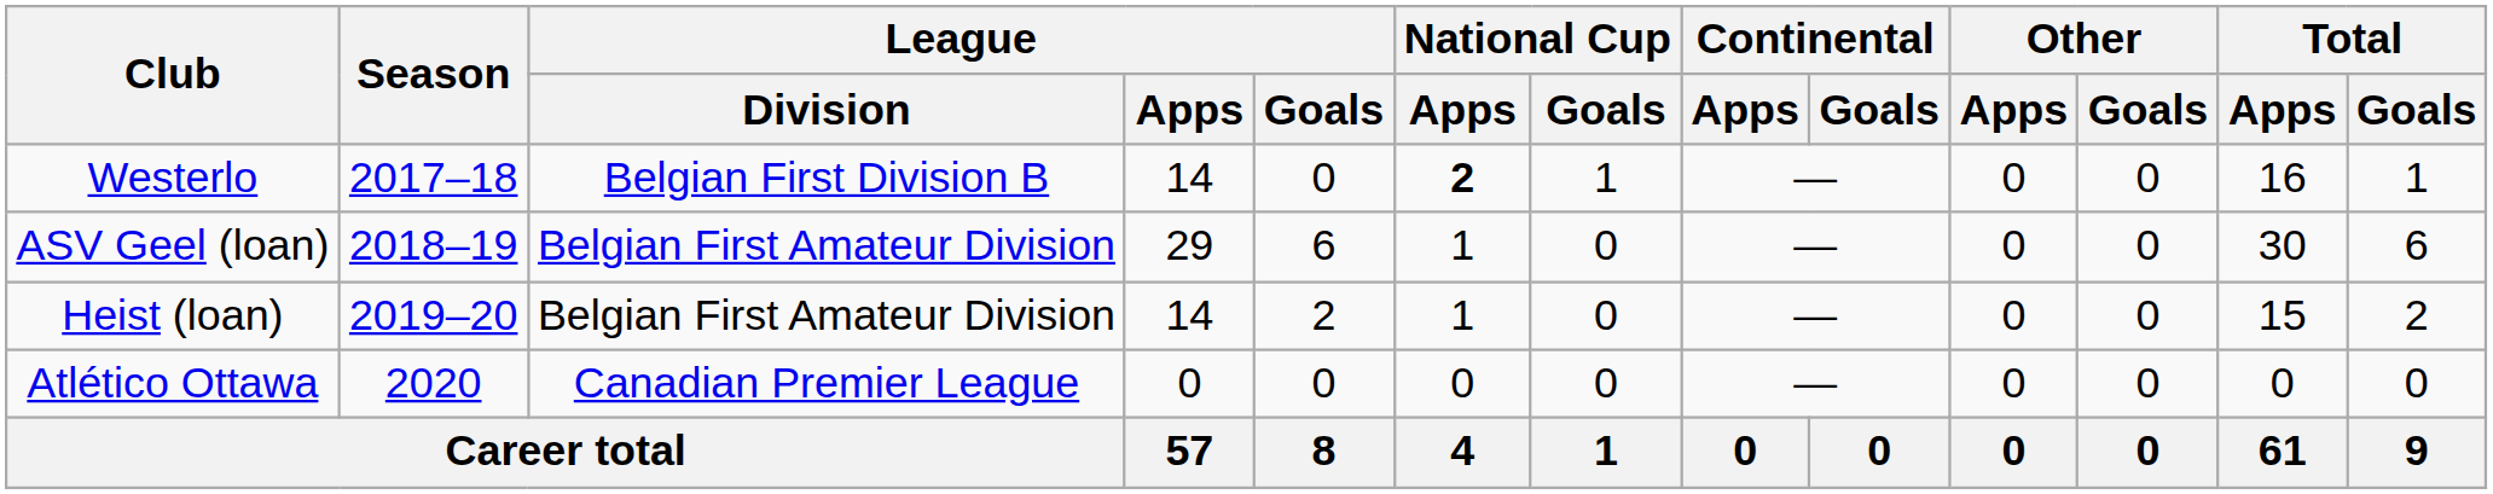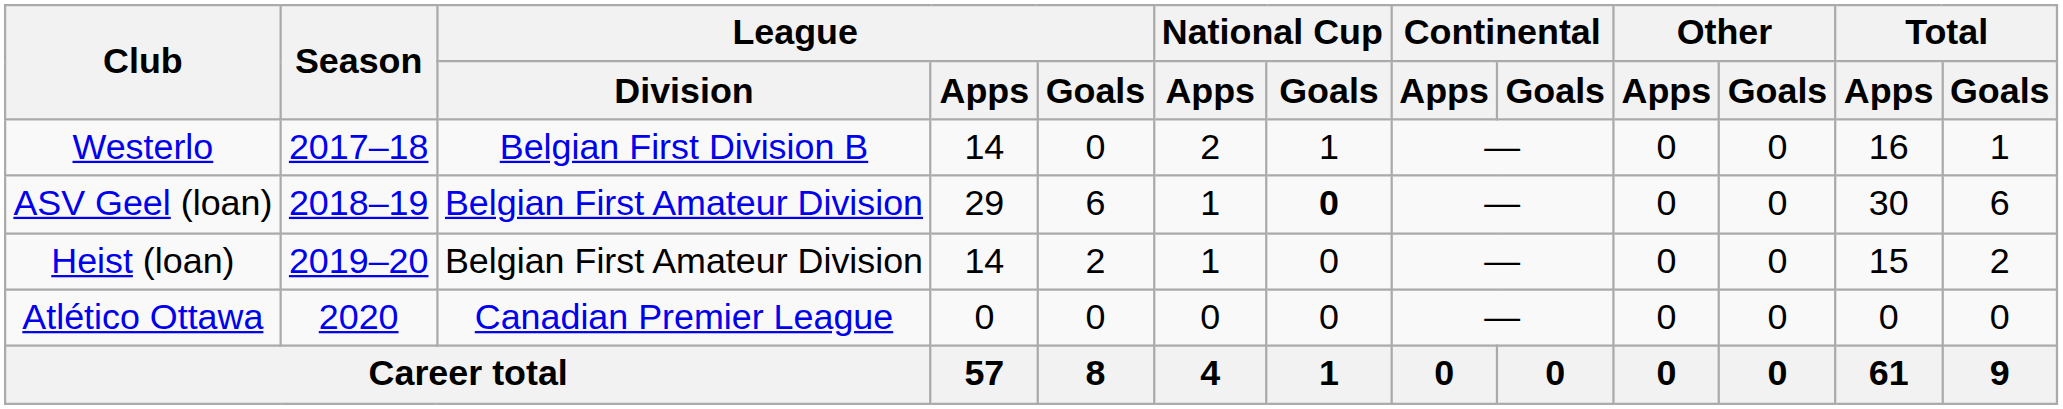 <table class="wikitable" style="text-align:center">
 <tr>
 <th rowspan="2">Club</th>
 <th rowspan="2">Season</th>
 <th colspan="3">League</th>
 <th colspan="2">National Cup</th>
 <th colspan="2">Continental</th>
 <th colspan="2">Other</th>
 <th colspan="2">Total</th>
 </tr>
 <tr>
 <th>Division</th>
 <th>Apps</th>
 <th>Goals</th>
 <th>Apps</th>
 <th>Goals</th>
 <th>Apps</th>
 <th>Goals</th>
 <th>Apps</th>
 <th>Goals</th>
 <th>Apps</th>
 <th>Goals</th>
 </tr>
 <tr>
 <td rowspan="1"><a href='#'>Westerlo</a></td>
 <td><a href='#'>2017–18</a></td>
 <td><a href='#'>Belgian First Division B</a></td>
 <td>14</td>
 <td>0</td>
-<td><strong>2</strong></td>
+<td>2</td>
 <td>1</td>
 <td colspan="2">—</td>
 <td>0</td>
 <td>0</td>
 <td>16</td>
 <td>1</td>
 </tr>
 <tr>
 <td rowspan="1"><a href='#'>ASV Geel</a> (loan)</td>
 <td><a href='#'>2018–19</a></td>
 <td><a href='#'>Belgian First Amateur Division</a></td>
 <td>29</td>
 <td>6</td>
 <td>1</td>
-<td>0</td>
+<td><strong>0</strong></td>
 <td colspan="2">—</td>
 <td>0</td>
 <td>0</td>
 <td>30</td>
 <td>6</td>
 </tr>
 <tr>
 <td rowspan="1"><a href='#'>Heist</a> (loan)</td>
 <td><a href='#'>2019–20</a></td>
 <td>Belgian First Amateur Division</td>
 <td>14</td>
 <td>2</td>
 <td>1</td>
 <td>0</td>
 <td colspan="2">—</td>
 <td>0</td>
 <td>0</td>
 <td>15</td>
 <td>2</td>
 </tr>
 <tr>
 <td rowspan="1"><a href='#'>Atlético Ottawa</a></td>
 <td><a href='#'>2020</a></td>
 <td><a href='#'>Canadian Premier League</a></td>
 <td>0</td>
 <td>0</td>
 <td>0</td>
 <td>0</td>
 <td colspan="2">—</td>
 <td>0</td>
 <td>0</td>
 <td>0</td>
 <td>0</td>
 </tr>
 <tr>
 <th colspan="3">Career total</th>
 <th>57</th>
 <th>8</th>
 <th>4</th>
 <th>1</th>
 <th>0</th>
 <th>0</th>
 <th>0</th>
 <th>0</th>
 <th>61</th>
 <th>9</th>
 </tr>
 </table>
